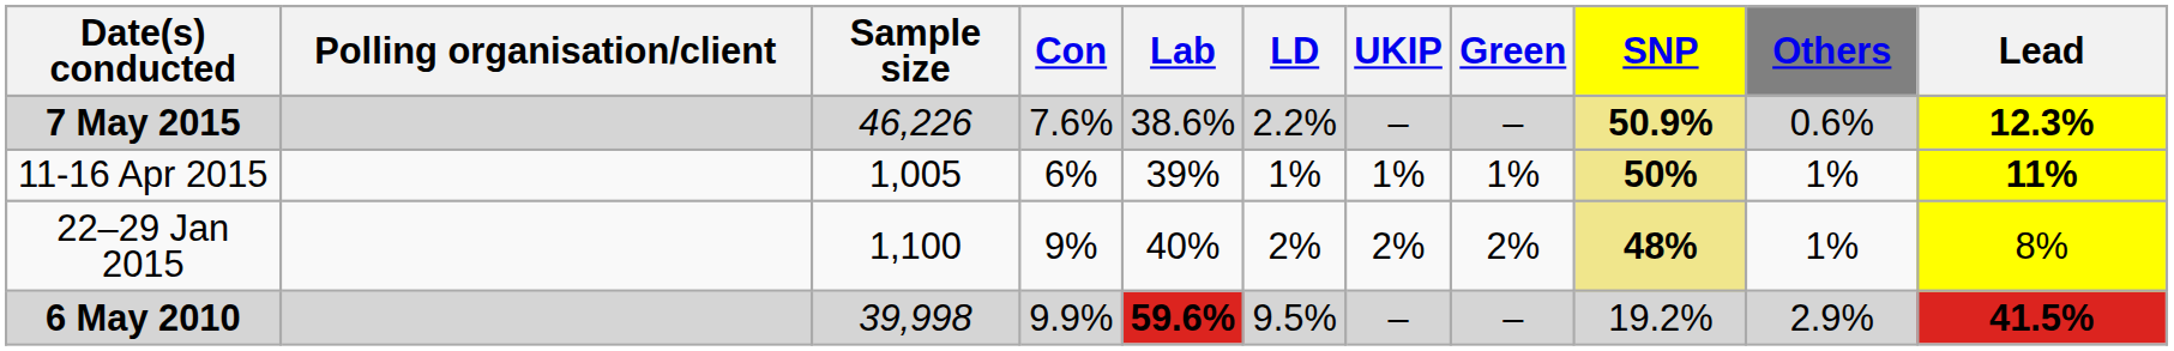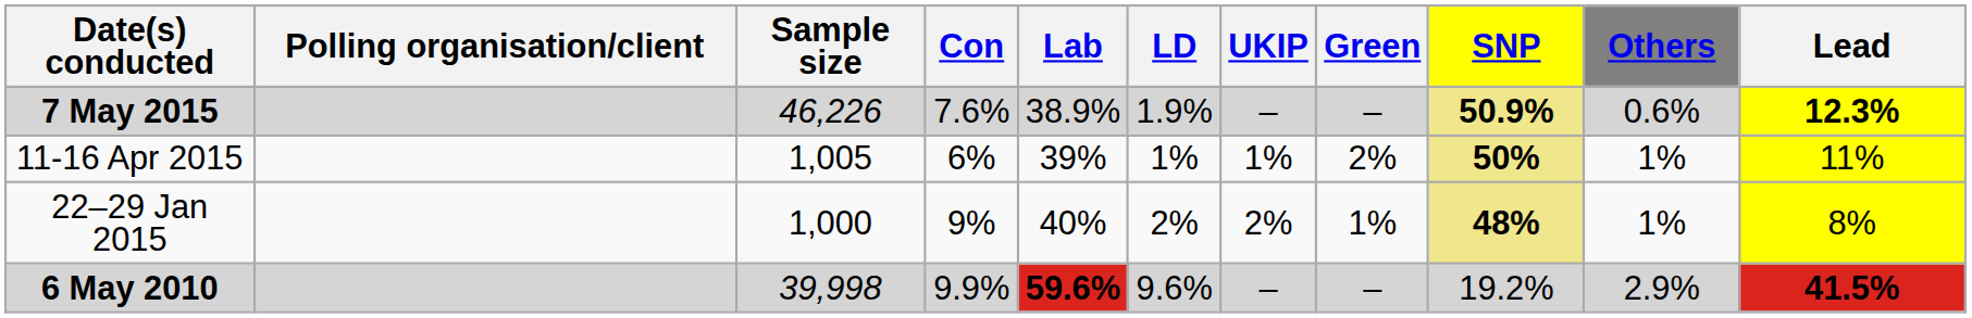 <table class="wikitable sortable" style="text-align:center;font-size:90%;line-height:14px">
 <tr>
 <th ! style="width:100px;">Date(s)<br>conducted</th>
 <th style="width:200px;">Polling organisation/client</th>
 <th class="unsortable" style="width:75px;">Sample size</th>
 <th class="unsortable" style="background:"><a href='#'><span>Con</span></a></th>
 <th class="unsortable" style="background:"><a href='#'><span>Lab</span></a></th>
 <th class="unsortable" style="background:"><a href='#'><span>LD</span></a></th>
 <th class="unsortable" style="background:"><a href='#'><span>UKIP</span></a></th>
 <th class="unsortable" style="background:"><a href='#'><span>Green</span></a></th>
 <th class="unsortable" style="background:#ffff00; width:60px;"><a href='#'><span>SNP</span></a></th>
 <th class="unsortable" style="background:gray; width:60px;"><a href='#'><span>Others</span></a></th>
 <th class="unsortable" style="width:90px;">Lead</th>
 </tr>
 <tr>
 <td style="background:#D5D5D5"><strong>7 May 2015</strong></td>
 <td style="background:#D5D5D5"></td>
 <td style="background:#D5D5D5"><em>46,226</em></td>
 <td style="background:#D5D5D5">7.6%</td>
-<td style="background:#D5D5D5">38.6%</td>
-<td style="background:#D5D5D5">2.2%</td>
+<td style="background:#D5D5D5">38.9%</td>
+<td style="background:#D5D5D5">1.9%</td>
 <td style="background:#D5D5D5">–</td>
 <td style="background:#D5D5D5">–</td>
 <td style="background:khaki"><strong>50.9%</strong></td>
 <td style="background:#D5D5D5">0.6%</td>
 <td style="background:#ff0"><span><strong>12.3% </strong></span></td>
 </tr>
 <tr>
 <td>11-16 Apr 2015</td>
 <td> </td>
 <td>1,005</td>
 <td>6%</td>
 <td>39%</td>
 <td>1%</td>
 <td>1%</td>
-<td>1%</td>
+<td>2%</td>
 <td style="background:khaki"><strong>50%</strong></td>
 <td>1%</td>
-<td style="background:#ff0"><strong><span>11% </span></strong></td>
+<td style="background:#ff0"><span>11% </span></td>
 </tr>
 <tr>
 <td>22–29 Jan 2015</td>
 <td> </td>
-<td>1,100</td>
+<td>1,000</td>
 <td>9%</td>
 <td>40%</td>
 <td>2%</td>
 <td>2%</td>
-<td>2%</td>
+<td>1%</td>
 <td style="background:khaki"><strong>48%</strong></td>
 <td>1%</td>
 <td style="background:#ff0"><span>8% </span></td>
 </tr>
 <tr>
 <td style="background:#D5D5D5"><strong>6 May 2010</strong></td>
 <td style="background:#D5D5D5"></td>
 <td style="background:#D5D5D5"><em>39,998</em></td>
 <td style="background:#D5D5D5">9.9%</td>
 <td style="background:#dc241f"><span><strong>59.6%</strong></span></td>
-<td style="background:#D5D5D5">9.5%</td>
+<td style="background:#D5D5D5">9.6%</td>
 <td style="background:#D5D5D5">–</td>
 <td style="background:#D5D5D5">–</td>
 <td style="background:#D5D5D5">19.2%</td>
 <td style="background:#D5D5D5">2.9%</td>
 <td style="background:#dc241f"><span><strong>41.5% </strong></span></td>
 </tr>
 </table>
